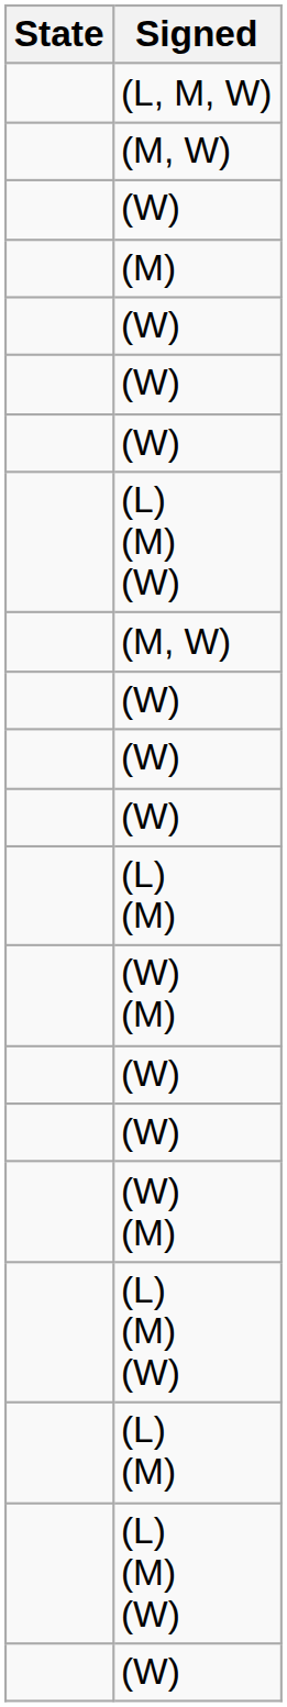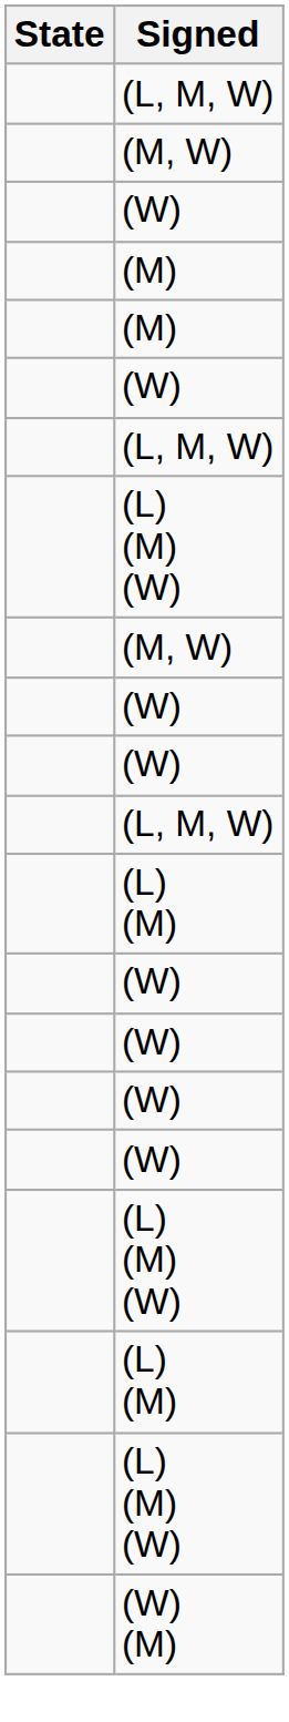 <table class="wikitable sortable">
 <tr>
 <th>State</th>
 <th>Signed</th>
 </tr>
 <tr>
 <td></td>
 <td> (L, M, W)</td>
 </tr>
 <tr>
 <td></td>
 <td> (M, W)</td>
 </tr>
 <tr>
 <td></td>
 <td> (W)</td>
 </tr>
 <tr>
 <td></td>
 <td> (M)</td>
 </tr>
 <tr>
 <td></td>
-<td> (W)</td>
+<td> (M)</td>
 </tr>
 <tr>
 <td></td>
 <td> (W)</td>
 </tr>
 <tr>
 <td></td>
-<td> (W)</td>
+<td> (L, M, W)</td>
 </tr>
 <tr>
 <td></td>
 <td> (L)<br> (M)<br> (W)</td>
 </tr>
 <tr>
 <td></td>
 <td> (M, W)</td>
 </tr>
 <tr>
 <td></td>
 <td> (W)</td>
 </tr>
 <tr>
 <td></td>
 <td> (W)</td>
 </tr>
 <tr>
 <td></td>
-<td> (W)</td>
+<td> (L, M, W)</td>
 </tr>
 <tr>
 <td></td>
 <td> (L)<br> (M)</td>
-</tr>
-<tr>
-<td></td>
-<td> (W)<br> (M)</td>
 </tr>
 <tr>
 <td></td>
 <td> (W)</td>
 </tr>
 <tr>
 <td></td>
 <td> (W)</td>
 </tr>
 <tr>
 <td></td>
-<td> (W)<br> (M)</td>
+<td> (W)</td>
+</tr>
+<tr>
+<td></td>
+<td> (W)</td>
 </tr>
 <tr>
 <td></td>
 <td> (L)<br> (M)<br> (W)</td>
 </tr>
 <tr>
 <td></td>
 <td> (L)<br> (M)</td>
 </tr>
 <tr>
 <td></td>
 <td> (L)<br> (M)<br> (W)</td>
 </tr>
 <tr>
 <td></td>
-<td> (W)</td>
+<td> (W)<br> (M)</td>
 </tr>
 </table>
